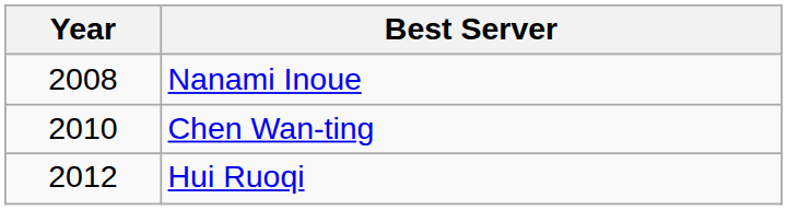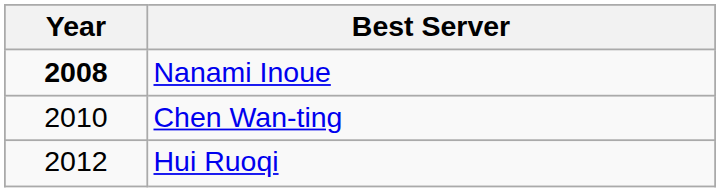 <table class="wikitable" style="width: 400px;">
 <tr>
 <th style="width: 20%;">Year</th>
 <th style="width: 80%;">Best Server</th>
 </tr>
 <tr>
-<td align=center>2008</td>
+<td align=center><strong>2008</strong></td>
 <td> <a href='#'>Nanami Inoue</a></td>
 </tr>
 <tr>
 <td align=center>2010</td>
 <td> <a href='#'>Chen Wan-ting</a></td>
 </tr>
 <tr>
 <td align=center>2012</td>
 <td> <a href='#'>Hui Ruoqi</a></td>
 </tr>
 </table>
